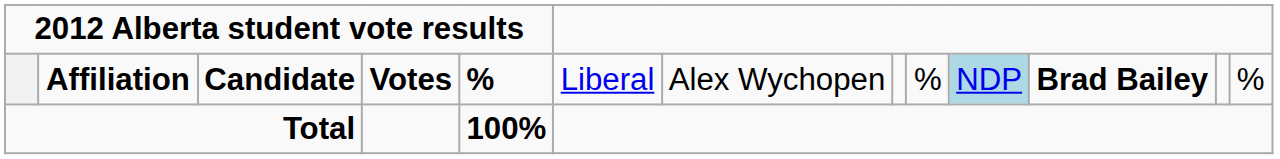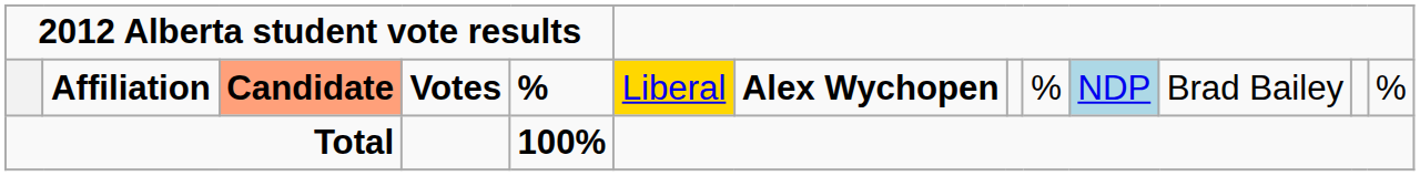 <table class="wikitable">
 <tr>
 <td colspan="5" align=center><strong>2012 Alberta student vote results</strong></td>
 </tr>
 <tr>
 <th style="width: 10px;"></th>
 <td><strong>Affiliation</strong></td>
-<td><strong>Candidate</strong></td>
+<td style="background: lightsalmon;"><strong>Candidate</strong></td>
 <td><strong>Votes</strong></td>
 <td><strong>%</strong><br>  </td>
-<td><a href='#'>Liberal</a></td>
-<td>Alex Wychopen</td>
+<td style="background: gold;"><a href='#'>Liberal</a></td>
+<td><strong>Alex Wychopen</strong></td>
 <td></td>
 <td>%<br></td>
 <td style="background: lightblue;"><a href='#'>NDP</a></td>
-<td><strong>Brad Bailey</strong></td>
+<td>Brad Bailey</td>
 <td></td>
 <td>%</td>
 </tr>
 <tr>
 <td colspan="3" align="right"><strong>Total</strong></td>
 <td></td>
 <td><strong>100%</strong></td>
 </tr>
 </table>
